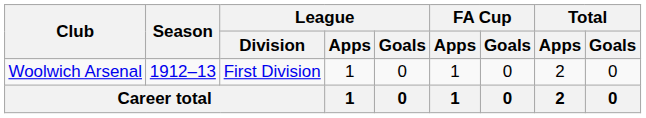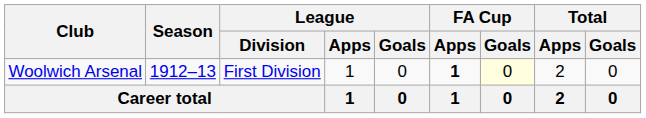 <table class="wikitable" style="text-align: center">
 <tr>
 <th rowspan="2">Club</th>
 <th rowspan="2">Season</th>
 <th colspan="3">League</th>
 <th colspan="2">FA Cup</th>
 <th colspan="2">Total</th>
 </tr>
 <tr>
 <th>Division</th>
 <th>Apps</th>
 <th>Goals</th>
 <th>Apps</th>
 <th>Goals</th>
 <th>Apps</th>
 <th>Goals</th>
 </tr>
 <tr>
 <td><a href='#'>Woolwich Arsenal</a></td>
 <td><a href='#'>1912–13</a></td>
 <td><a href='#'>First Division</a></td>
 <td>1</td>
 <td>0</td>
-<td>1</td>
-<td>0</td>
+<td><strong>1</strong></td>
+<td style="background: lightyellow;">0</td>
 <td>2</td>
 <td>0</td>
 </tr>
 <tr>
 <th colspan="3">Career total</th>
 <th>1</th>
 <th>0</th>
 <th>1</th>
 <th>0</th>
 <th>2</th>
 <th>0</th>
 </tr>
 </table>
